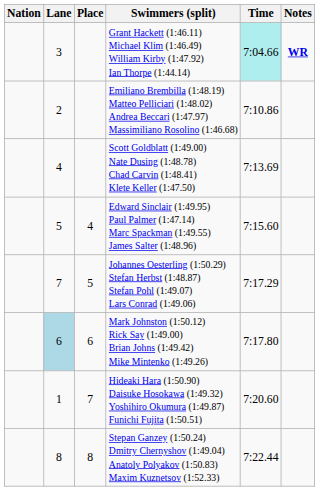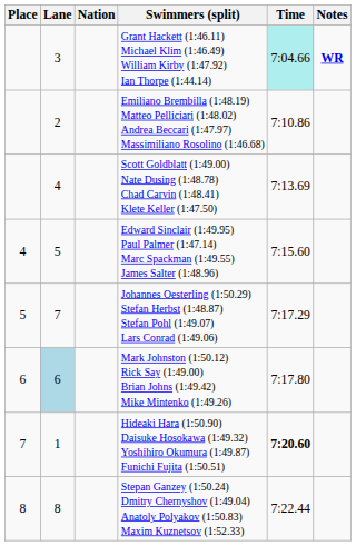 <table class="wikitable sortable" style="text-align:center">
 <tr>
+<th>Place</th>
+<th>Lane</th>
 <th>Nation</th>
-<th>Lane</th>
-<th>Place</th>
 <th>Swimmers (split)</th>
 <th>Time</th>
 <th>Notes</th>
 </tr>
 <tr>
+<td></td>
+<td>3</td>
 <td align=left></td>
-<td>3</td>
-<td></td>
 <td align=left><small><a href='#'>Grant Hackett</a> (1:46.11)<br> <a href='#'>Michael Klim</a> (1:46.49)<br> <a href='#'>William Kirby</a> (1:47.92)<br> <a href='#'>Ian Thorpe</a> (1:44.14)</small></td>
 <td style="background: paleturquoise;">7:04.66</td>
 <td><strong><a href='#'>WR</a></strong></td>
 </tr>
 <tr>
+<td></td>
+<td>2</td>
 <td align=left></td>
-<td>2</td>
-<td></td>
 <td align=left><small><a href='#'>Emiliano Brembilla</a> (1:48.19)<br> <a href='#'>Matteo Pelliciari</a> (1:48.02)<br> <a href='#'>Andrea Beccari</a> (1:47.97)<br> <a href='#'>Massimiliano Rosolino</a> (1:46.68)</small></td>
 <td>7:10.86</td>
 <td></td>
 </tr>
 <tr>
+<td></td>
+<td>4</td>
 <td align=left></td>
-<td>4</td>
-<td></td>
 <td align=left><small><a href='#'>Scott Goldblatt</a> (1:49.00)<br> <a href='#'>Nate Dusing</a> (1:48.78)<br> <a href='#'>Chad Carvin</a> (1:48.41)<br> <a href='#'>Klete Keller</a> (1:47.50)</small></td>
 <td>7:13.69</td>
 <td></td>
 </tr>
 <tr>
+<td>4</td>
+<td>5</td>
 <td align=left></td>
-<td>5</td>
-<td>4</td>
 <td align=left><small><a href='#'>Edward Sinclair</a> (1:49.95)<br> <a href='#'>Paul Palmer</a> (1:47.14)<br> <a href='#'>Marc Spackman</a> (1:49.55)<br> <a href='#'>James Salter</a> (1:48.96)</small></td>
 <td>7:15.60</td>
 <td></td>
 </tr>
 <tr>
+<td>5</td>
+<td>7</td>
 <td align=left></td>
-<td>7</td>
-<td>5</td>
 <td align=left><small><a href='#'>Johannes Oesterling</a> (1:50.29)<br> <a href='#'>Stefan Herbst</a> (1:48.87)<br> <a href='#'>Stefan Pohl</a> (1:49.07)<br> <a href='#'>Lars Conrad</a> (1:49.06)</small></td>
 <td>7:17.29</td>
 <td></td>
 </tr>
 <tr>
+<td>6</td>
+<td style="background: lightblue;">6</td>
 <td align=left></td>
-<td style="background: lightblue;">6</td>
-<td>6</td>
 <td align=left><small><a href='#'>Mark Johnston</a> (1:50.12)<br> <a href='#'>Rick Say</a> (1:49.00)<br> <a href='#'>Brian Johns</a> (1:49.42)<br> <a href='#'>Mike Mintenko</a> (1:49.26)</small></td>
 <td>7:17.80</td>
 <td></td>
 </tr>
 <tr>
+<td>7</td>
+<td>1</td>
 <td align=left></td>
-<td>1</td>
-<td>7</td>
 <td align=left><small><a href='#'>Hideaki Hara</a> (1:50.90)<br> <a href='#'>Daisuke Hosokawa</a> (1:49.32)<br> <a href='#'>Yoshihiro Okumura</a> (1:49.87)<br> <a href='#'>Funichi Fujita</a> (1:50.51)</small></td>
-<td>7:20.60</td>
+<td><strong>7:20.60</strong></td>
 <td></td>
 </tr>
 <tr>
-<td align=left></td>
 <td>8</td>
 <td>8</td>
+<td align=left></td>
 <td align=left><small><a href='#'>Stepan Ganzey</a> (1:50.24)<br> <a href='#'>Dmitry Chernyshov</a> (1:49.04)<br> <a href='#'>Anatoly Polyakov</a> (1:50.83)<br> <a href='#'>Maxim Kuznetsov</a> (1:52.33)</small></td>
 <td>7:22.44</td>
 <td></td>
 </tr>
 </table>
